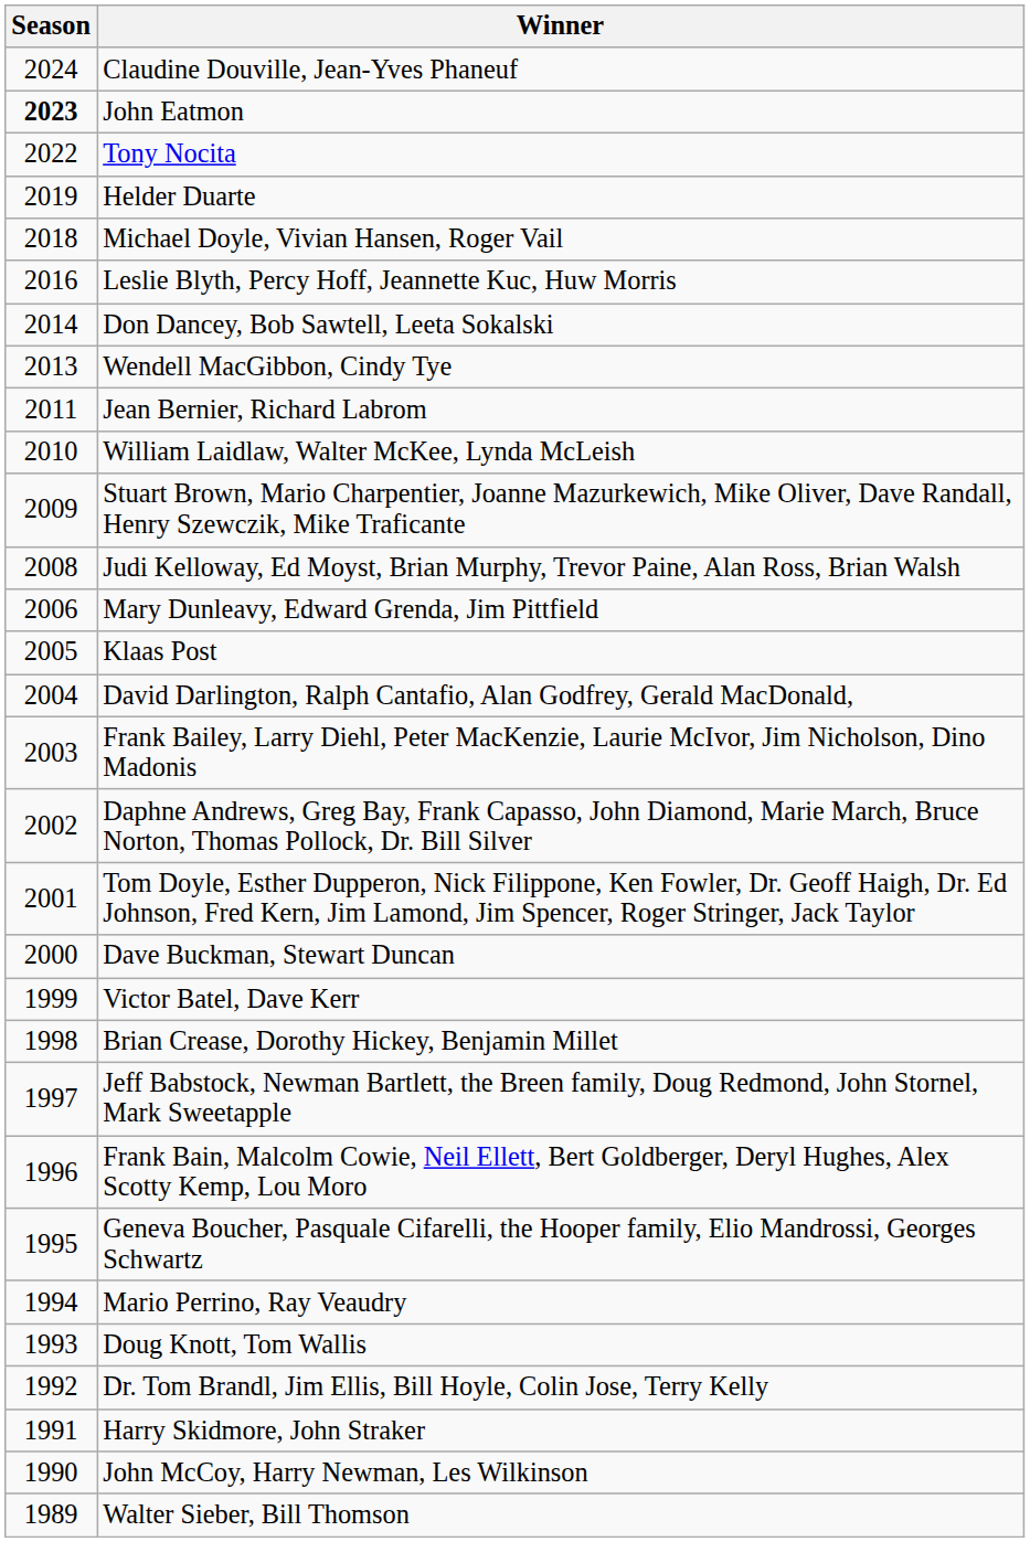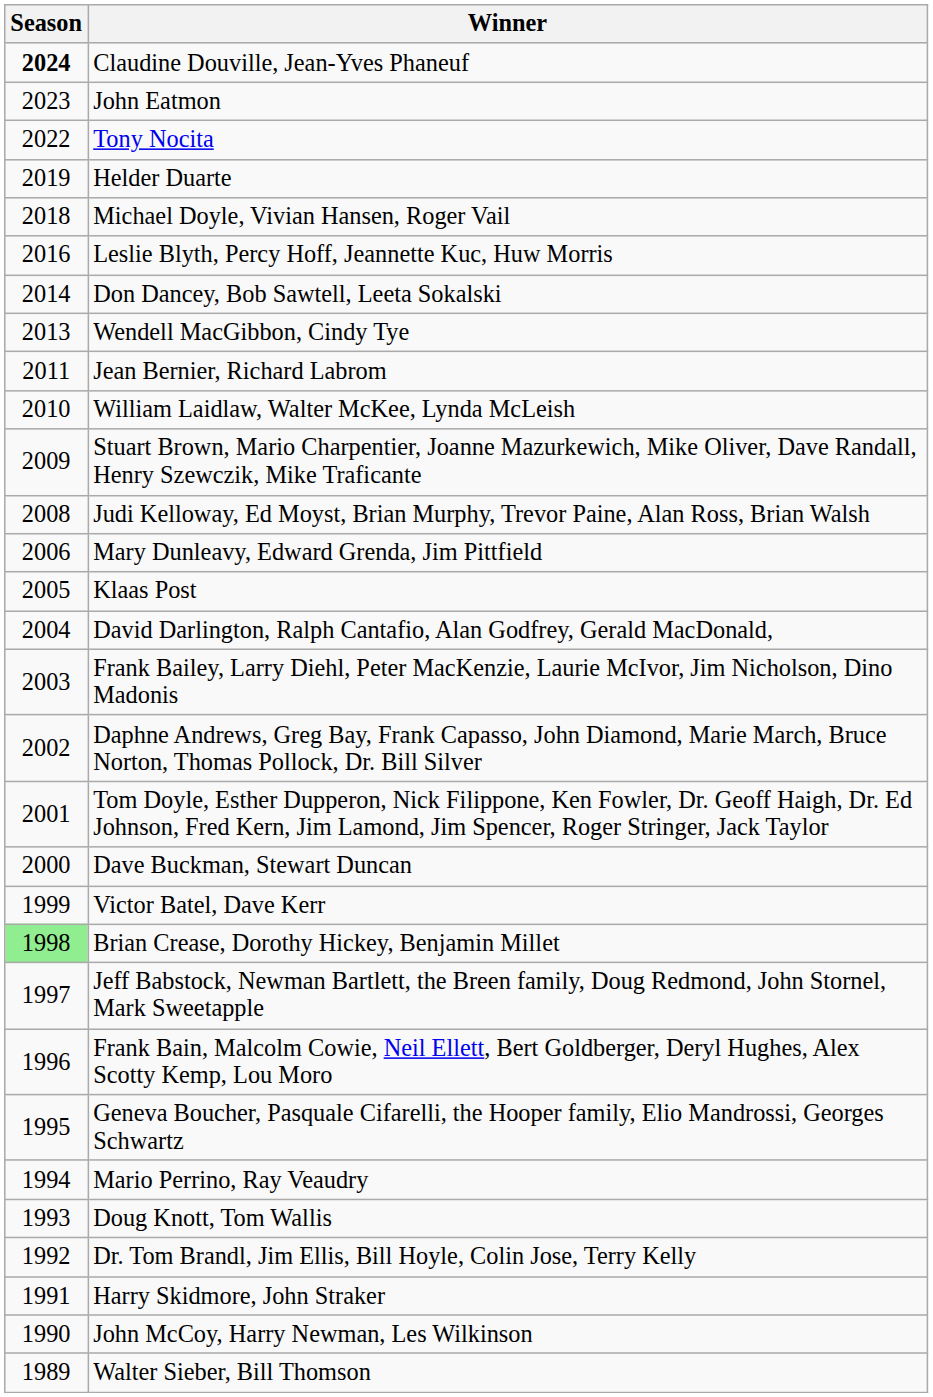 <table class='wikitable'>
 <tr>
 <th>Season</th>
 <th>Winner</th>
 </tr>
 <tr>
-<td align="center">2024</td>
+<td align="center"><strong>2024</strong></td>
 <td>Claudine Douville, Jean-Yves Phaneuf</td>
 </tr>
 <tr>
-<td align=center><strong>2023</strong></td>
+<td align=center>2023</td>
 <td>John Eatmon</td>
 </tr>
 <tr>
 <td align=center>2022</td>
 <td><a href='#'>Tony Nocita</a></td>
 </tr>
 <tr>
 <td align=center>2019</td>
 <td>Helder Duarte</td>
 </tr>
 <tr>
 <td align=center>2018</td>
 <td>Michael Doyle, Vivian Hansen, Roger Vail</td>
 </tr>
 <tr>
 <td align=center>2016</td>
 <td>Leslie Blyth, Percy Hoff, Jeannette Kuc, Huw Morris</td>
 </tr>
 <tr>
 <td align=center>2014</td>
 <td>Don Dancey, Bob Sawtell, Leeta Sokalski</td>
 </tr>
 <tr>
 <td align=center>2013</td>
 <td>Wendell MacGibbon, Cindy Tye</td>
 </tr>
 <tr>
 <td align=center>2011</td>
 <td>Jean Bernier, Richard Labrom</td>
 </tr>
 <tr>
 <td align=center>2010</td>
 <td>William Laidlaw, Walter McKee, Lynda McLeish</td>
 </tr>
 <tr>
 <td align=center>2009</td>
 <td>Stuart Brown, Mario Charpentier, Joanne Mazurkewich, Mike Oliver, Dave Randall, Henry Szewczik, Mike Traficante</td>
 </tr>
 <tr>
 <td align=center>2008</td>
 <td>Judi Kelloway, Ed Moyst, Brian Murphy, Trevor Paine, Alan Ross, Brian Walsh</td>
 </tr>
 <tr>
 <td align=center>2006</td>
 <td>Mary Dunleavy, Edward Grenda, Jim Pittfield</td>
 </tr>
 <tr>
 <td align=center>2005</td>
 <td>Klaas Post</td>
 </tr>
 <tr>
 <td align=center>2004</td>
 <td>David Darlington, Ralph Cantafio, Alan Godfrey, Gerald MacDonald,</td>
 </tr>
 <tr>
 <td align=center>2003</td>
 <td>Frank Bailey, Larry Diehl, Peter MacKenzie, Laurie McIvor, Jim Nicholson, Dino Madonis</td>
 </tr>
 <tr>
 <td align=center>2002</td>
 <td>Daphne Andrews, Greg Bay, Frank Capasso, John Diamond, Marie March, Bruce Norton, Thomas Pollock, Dr. Bill Silver</td>
 </tr>
 <tr>
 <td align=center>2001</td>
 <td>Tom Doyle, Esther Dupperon, Nick Filippone, Ken Fowler, Dr. Geoff Haigh, Dr. Ed Johnson, Fred Kern, Jim Lamond, Jim Spencer, Roger Stringer, Jack Taylor</td>
 </tr>
 <tr>
 <td align=center>2000</td>
 <td>Dave Buckman, Stewart Duncan</td>
 </tr>
 <tr>
 <td align=center>1999</td>
 <td>Victor Batel, Dave Kerr</td>
 </tr>
 <tr>
-<td align=center>1998</td>
+<td align=center style="background: lightgreen;">1998</td>
 <td>Brian Crease, Dorothy Hickey, Benjamin Millet</td>
 </tr>
 <tr>
 <td align=center>1997</td>
 <td>Jeff Babstock, Newman Bartlett, the Breen family, Doug Redmond, John Stornel, Mark Sweetapple</td>
 </tr>
 <tr>
 <td align=center>1996</td>
 <td>Frank Bain, Malcolm Cowie, <a href='#'>Neil Ellett</a>, Bert Goldberger, Deryl Hughes, Alex Scotty Kemp, Lou Moro</td>
 </tr>
 <tr>
 <td align=center>1995</td>
 <td>Geneva Boucher, Pasquale Cifarelli, the Hooper family, Elio Mandrossi, Georges Schwartz</td>
 </tr>
 <tr>
 <td align=center>1994</td>
 <td>Mario Perrino, Ray Veaudry</td>
 </tr>
 <tr>
 <td align=center>1993</td>
 <td>Doug Knott, Tom Wallis</td>
 </tr>
 <tr>
 <td align=center>1992</td>
 <td>Dr. Tom Brandl, Jim Ellis, Bill Hoyle, Colin Jose, Terry Kelly</td>
 </tr>
 <tr>
 <td align=center>1991</td>
 <td>Harry Skidmore, John Straker</td>
 </tr>
 <tr>
 <td align=center>1990</td>
 <td>John McCoy, Harry Newman, Les Wilkinson</td>
 </tr>
 <tr>
 <td align=center>1989</td>
 <td>Walter Sieber, Bill Thomson</td>
 </tr>
 </table>
